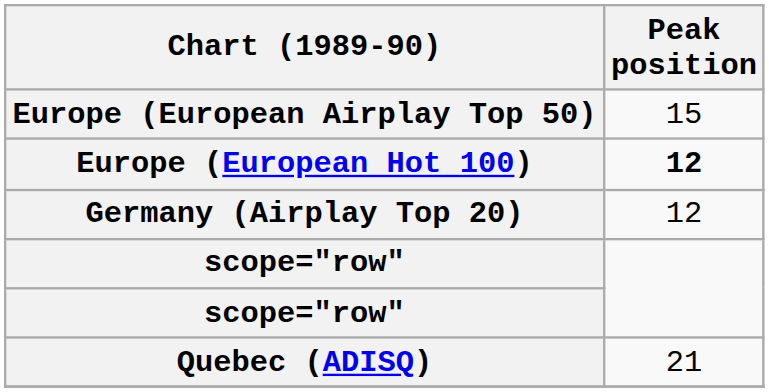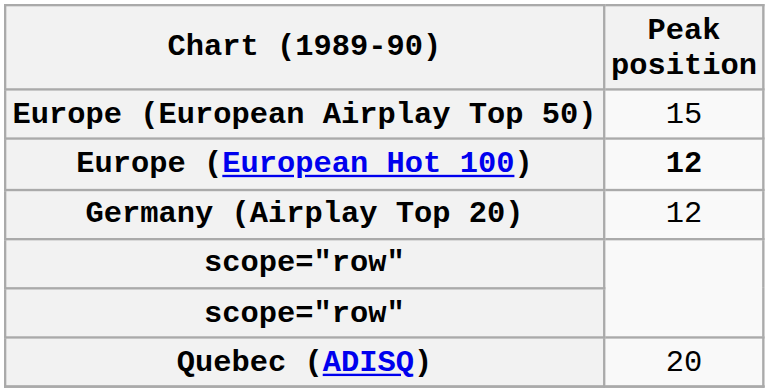 <table class="wikitable sortable plainrowheaders">
 <tr>
 <th>Chart (1989-90)</th>
 <th>Peak<br>position</th>
 </tr>
 <tr>
 <th scope="row">Europe (European Airplay Top 50)</th>
 <td align="center">15</td>
 </tr>
 <tr>
 <th scope="row">Europe (<a href='#'>European Hot 100</a>)</th>
 <td align="center"><strong>12</strong></td>
 </tr>
 <tr>
 <th scope="row">Germany (Airplay Top 20)</th>
 <td align="center">12</td>
 </tr>
 <tr>
 <th>scope="row"</th>
 </tr>
 <tr>
 <th>scope="row"</th>
 </tr>
 <tr>
 <th scope="row">Quebec (<a href='#'>ADISQ</a>)</th>
-<td align="center">21</td>
+<td align="center">20</td>
 </tr>
 <tr>
 </tr>
 </table>
